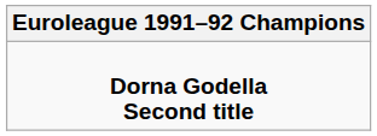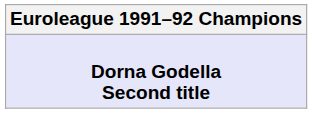 <table class=wikitable style="text-align:center; margin:auto">
 <tr>
 <th>Euroleague 1991–92 Champions</th>
 </tr>
 <tr>
-<td> <br> <strong>Dorna Godella</strong> <br> <strong>Second title</strong></td>
+<td style="background: lavender;"> <br> <strong>Dorna Godella</strong> <br> <strong>Second title</strong></td>
 </tr>
 </table>
